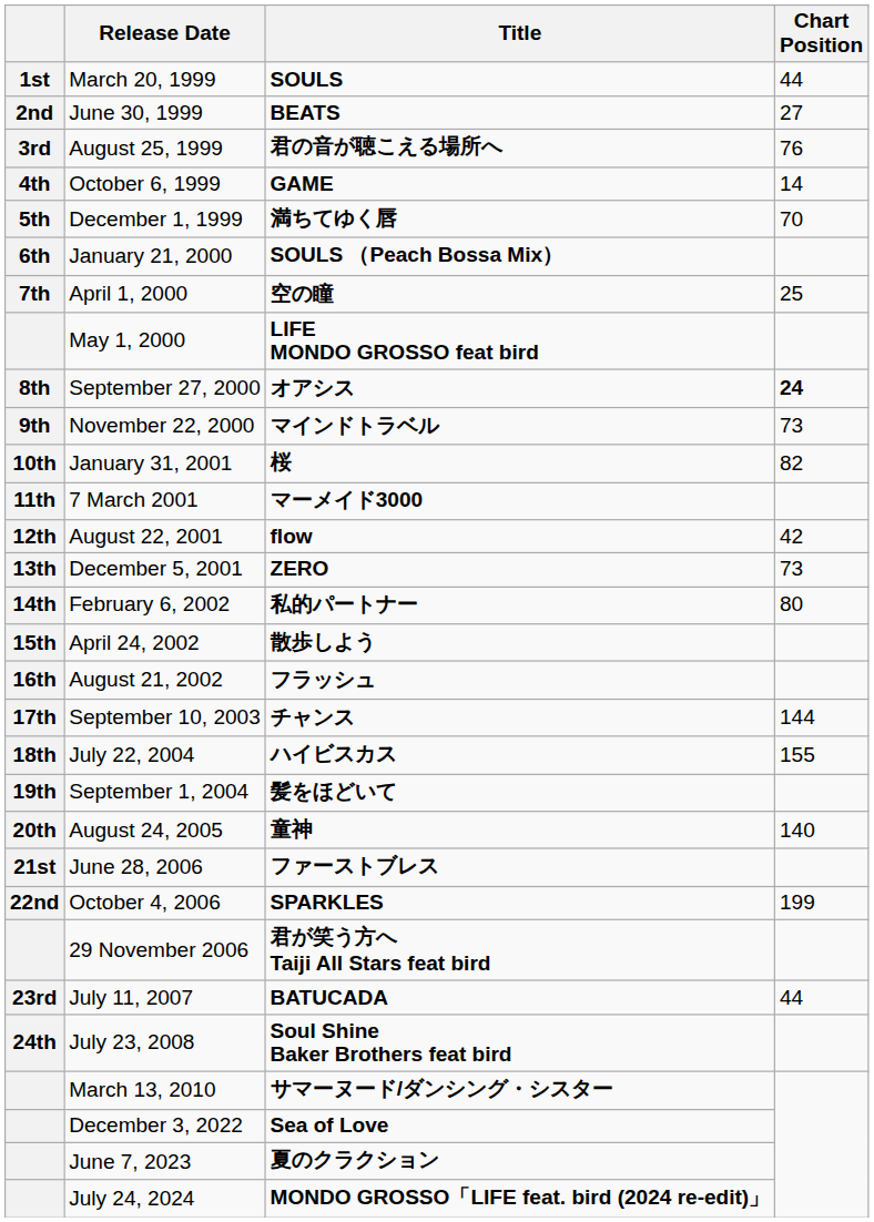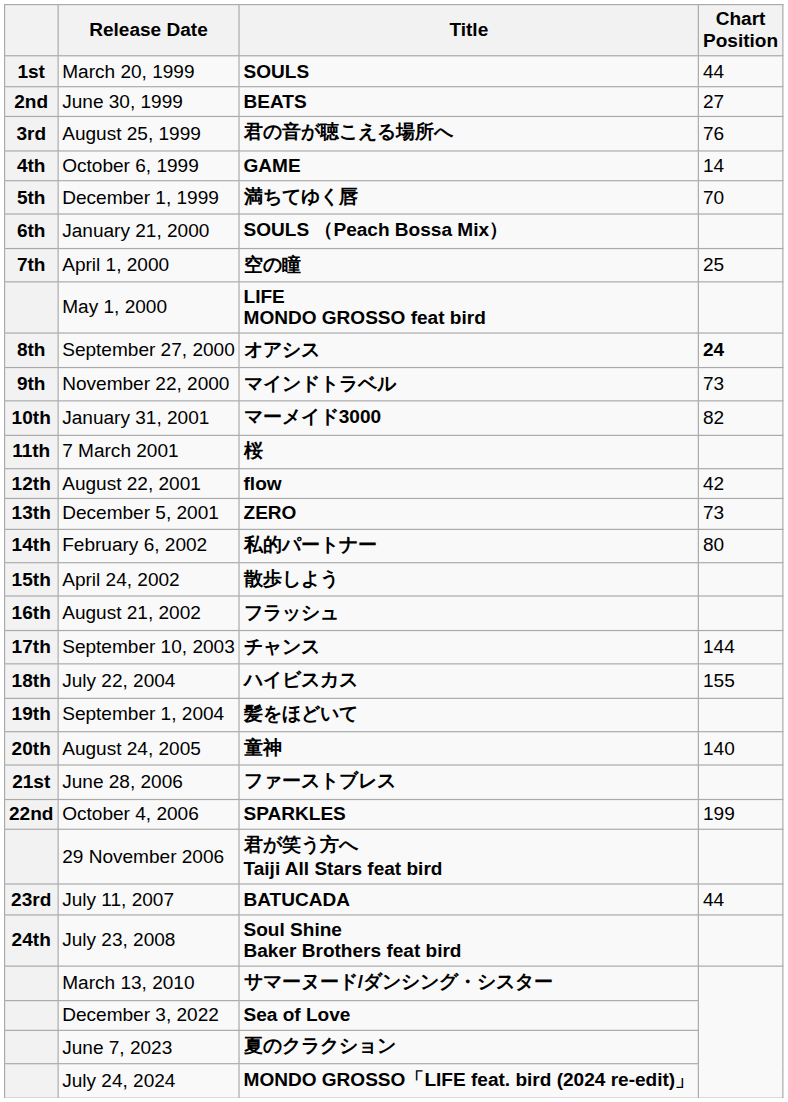 <table class=wikitable>
 <tr>
 <th></th>
 <th>Release Date</th>
 <th>Title</th>
 <th>Chart<br>Position</th>
 </tr>
 <tr>
 <th>1st</th>
 <td>March 20, 1999</td>
 <td><strong>SOULS</strong></td>
 <td>44</td>
 </tr>
 <tr>
 <th>2nd</th>
 <td>June 30, 1999</td>
 <td><strong>BEATS</strong></td>
 <td>27</td>
 </tr>
 <tr>
 <th>3rd</th>
 <td>August 25, 1999</td>
 <td><strong>君の音が聴こえる場所へ</strong></td>
 <td>76</td>
 </tr>
 <tr>
 <th>4th</th>
 <td>October 6, 1999</td>
 <td><strong>GAME</strong></td>
 <td>14</td>
 </tr>
 <tr>
 <th>5th</th>
 <td>December 1, 1999</td>
 <td><strong>満ちてゆく唇</strong></td>
 <td>70</td>
 </tr>
 <tr>
 <th>6th</th>
 <td>January 21, 2000</td>
 <td><strong>SOULS （Peach Bossa Mix）</strong></td>
 <td></td>
 </tr>
 <tr>
 <th>7th</th>
 <td>April 1, 2000</td>
 <td><strong>空の瞳</strong></td>
 <td>25</td>
 </tr>
 <tr>
 <th></th>
 <td>May 1, 2000</td>
 <td><strong>LIFE</strong> <br><strong>MONDO GROSSO feat bird</strong></td>
 </tr>
 <tr>
 <th>8th</th>
 <td>September 27, 2000</td>
 <td><strong>オアシス</strong></td>
 <td><strong>24</strong></td>
 </tr>
 <tr>
 <th>9th</th>
 <td>November 22, 2000</td>
 <td><strong>マインドトラベル</strong></td>
 <td>73</td>
 </tr>
 <tr>
 <th>10th</th>
 <td>January 31, 2001</td>
-<td><strong>桜</strong></td>
+<td><strong>マーメイド3000</strong></td>
 <td>82</td>
 </tr>
 <tr>
 <th>11th</th>
 <td>7 March 2001</td>
-<td><strong>マーメイド3000</strong></td>
+<td><strong>桜</strong></td>
 <td></td>
 </tr>
 <tr>
 <th>12th</th>
 <td>August 22, 2001</td>
 <td><strong>flow</strong></td>
 <td>42</td>
 </tr>
 <tr>
 <th>13th</th>
 <td>December 5, 2001</td>
 <td><strong>ZERO</strong></td>
 <td>73</td>
 </tr>
 <tr>
 <th>14th</th>
 <td>February 6, 2002</td>
 <td><strong>私的パートナー</strong></td>
 <td>80</td>
 </tr>
 <tr>
 <th>15th</th>
 <td>April 24, 2002</td>
 <td><strong>散歩しよう</strong></td>
 <td></td>
 </tr>
 <tr>
 <th>16th</th>
 <td>August 21, 2002</td>
 <td><strong>フラッシュ</strong></td>
 <td></td>
 </tr>
 <tr>
 <th>17th</th>
 <td>September 10, 2003</td>
 <td><strong>チャンス</strong></td>
 <td>144</td>
 </tr>
 <tr>
 <th>18th</th>
 <td>July 22, 2004</td>
 <td><strong>ハイビスカス</strong></td>
 <td>155</td>
 </tr>
 <tr>
 <th>19th</th>
 <td>September 1, 2004</td>
 <td><strong>髪をほどいて</strong></td>
 <td></td>
 </tr>
 <tr>
 <th>20th</th>
 <td>August 24, 2005</td>
 <td><strong>童神</strong></td>
 <td>140</td>
 </tr>
 <tr>
 <th>21st</th>
 <td>June 28, 2006</td>
 <td><strong>ファーストブレス</strong></td>
 <td></td>
 </tr>
 <tr>
 <th>22nd</th>
 <td>October 4, 2006</td>
 <td><strong>SPARKLES</strong></td>
 <td>199</td>
 </tr>
 <tr>
 <th></th>
 <td>29 November 2006</td>
 <td><strong>君が笑う方へ</strong> <br> <strong>Taiji All Stars feat bird</strong></td>
 </tr>
 <tr>
 <th>23rd</th>
 <td>July 11, 2007</td>
 <td><strong>BATUCADA</strong></td>
 <td>44</td>
 </tr>
 <tr>
 <th>24th</th>
 <td>July 23, 2008</td>
 <td><strong>Soul Shine</strong><br> <strong>Baker Brothers feat bird</strong></td>
 <td></td>
 </tr>
 <tr>
 <th></th>
 <td>March 13, 2010</td>
 <td><strong>サマーヌード/ダンシング・シスター</strong></td>
 </tr>
 <tr>
 <th></th>
 <td>December 3, 2022</td>
 <td><strong>Sea of Love</strong></td>
 </tr>
 <tr>
 <th></th>
 <td>June 7, 2023</td>
 <td><strong>夏のクラクション</strong></td>
 </tr>
 <tr>
 <th></th>
 <td>July 24, 2024</td>
 <td><strong>MONDO GROSSO「LIFE feat. bird (2024 re-edit)」</strong></td>
 </tr>
 </table>
